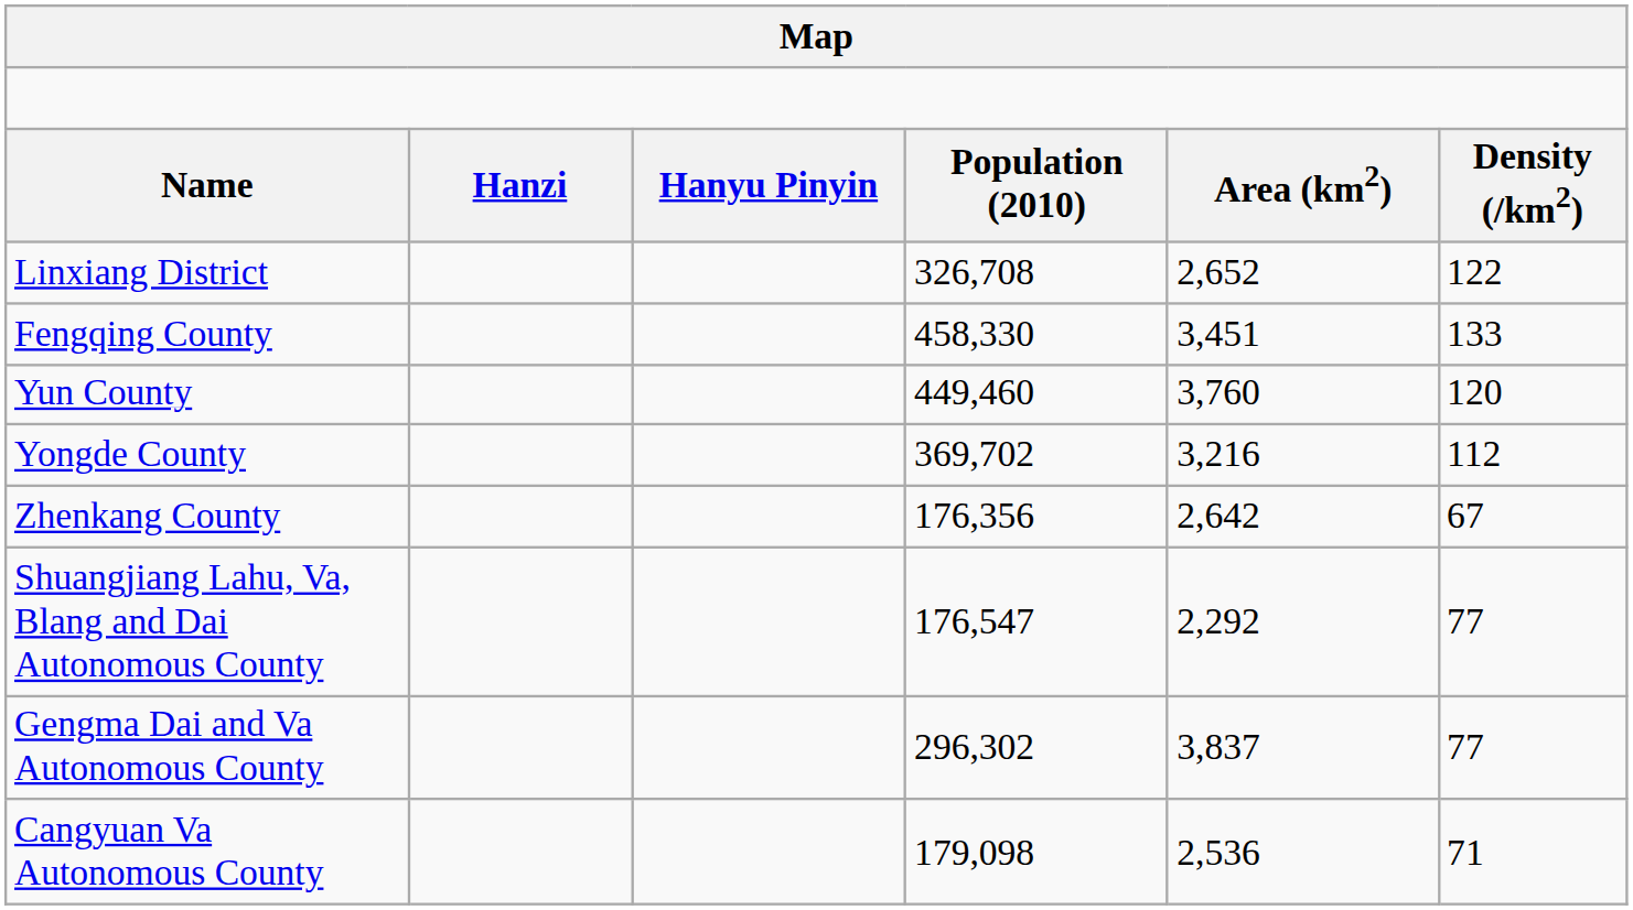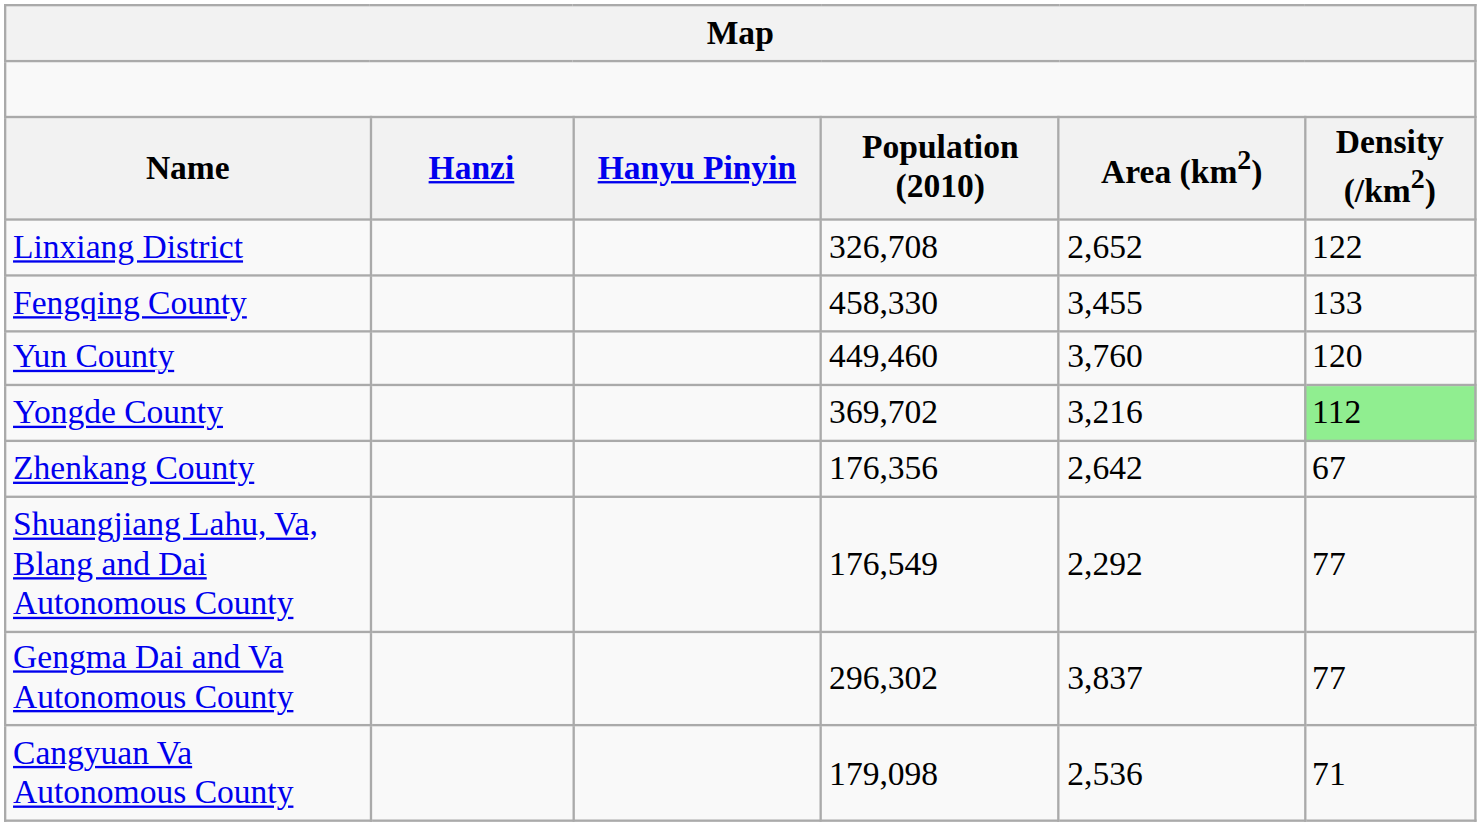 <table class="wikitable"  style="font-size:90%; width:50%;" align=center>
 <tr>
 <th colspan="6" align="center">Map</th>
 </tr>
 <tr>
 <td colspan="6" align="center"><div><br>           </div></td>
 </tr>
 <tr>
 <th width="150">Name</th>
 <th width="80"><a href='#'>Hanzi</a></th>
 <th width="100"><a href='#'>Hanyu Pinyin</a></th>
 <th>Population<br>(2010)</th>
 <th>Area (km<sup>2</sup>)</th>
 <th>Density<br>(/km<sup>2</sup>)</th>
 </tr>
 <tr --------->
 <td><a href='#'>Linxiang District</a></td>
 <td></td>
 <td></td>
 <td>326,708</td>
 <td>2,652</td>
 <td>122</td>
 </tr>
 <tr --------->
 <td><a href='#'>Fengqing County</a></td>
 <td></td>
 <td></td>
 <td>458,330</td>
-<td>3,451</td>
+<td>3,455</td>
 <td>133</td>
 </tr>
 <tr --------->
 <td><a href='#'>Yun County</a></td>
 <td></td>
 <td></td>
 <td>449,460</td>
 <td>3,760</td>
 <td>120</td>
 </tr>
 <tr --------->
 <td><a href='#'>Yongde County</a></td>
 <td></td>
 <td></td>
 <td>369,702</td>
 <td>3,216</td>
-<td>112</td>
+<td style="background: lightgreen;">112</td>
 </tr>
 <tr --------->
 <td><a href='#'>Zhenkang County</a></td>
 <td></td>
 <td></td>
 <td>176,356</td>
 <td>2,642</td>
 <td>67</td>
 </tr>
 <tr --------->
 <td><a href='#'>Shuangjiang Lahu, Va, Blang and Dai Autonomous County</a></td>
 <td></td>
 <td></td>
-<td>176,547</td>
+<td>176,549</td>
 <td>2,292</td>
 <td>77</td>
 </tr>
 <tr --------->
 <td><a href='#'>Gengma Dai and Va Autonomous County</a></td>
 <td></td>
 <td></td>
 <td>296,302</td>
 <td>3,837</td>
 <td>77</td>
 </tr>
 <tr --------->
 <td><a href='#'>Cangyuan Va Autonomous County</a></td>
 <td></td>
 <td></td>
 <td>179,098</td>
 <td>2,536</td>
 <td>71</td>
 </tr>
 </table>
